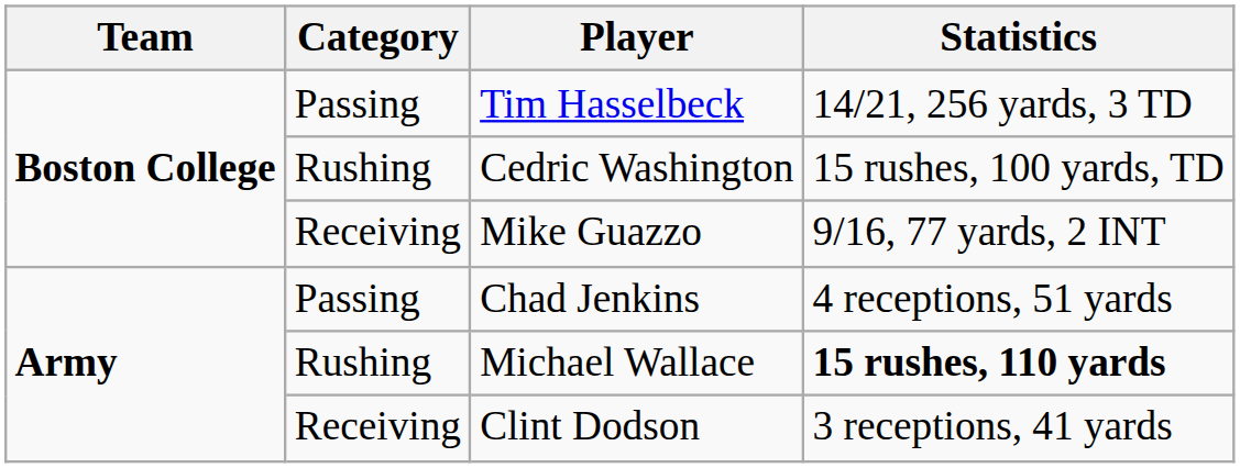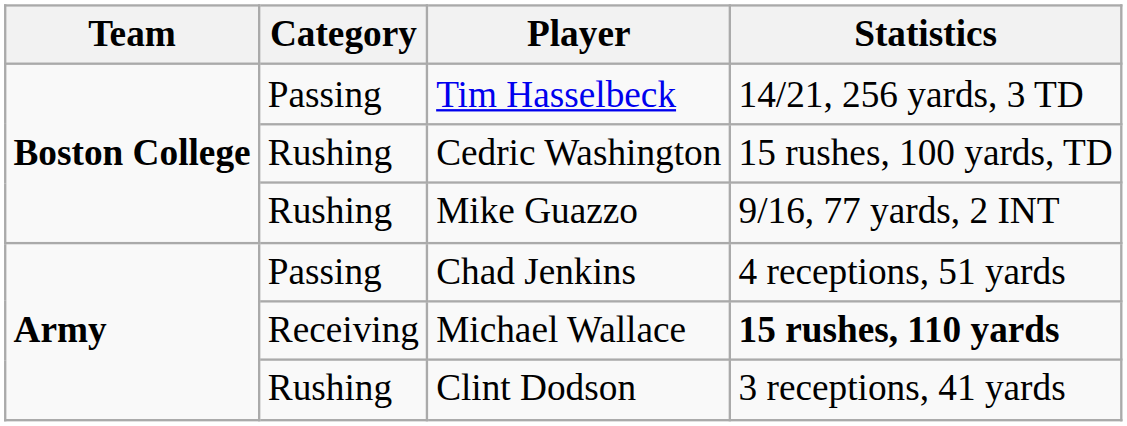 <table class="wikitable" style="float: right;">
 <tr>
 <th>Team</th>
 <th>Category</th>
 <th>Player</th>
 <th>Statistics</th>
 </tr>
 <tr>
 <td rowspan=3><strong>Boston College</strong></td>
 <td>Passing</td>
 <td><a href='#'>Tim Hasselbeck</a></td>
 <td>14/21, 256 yards, 3 TD</td>
 </tr>
 <tr>
 <td>Rushing</td>
 <td>Cedric Washington</td>
 <td>15 rushes, 100 yards, TD</td>
 </tr>
 <tr>
-<td>Receiving</td>
+<td>Rushing</td>
 <td>Mike Guazzo</td>
 <td>9/16, 77 yards, 2 INT</td>
 </tr>
 <tr>
 <td rowspan=3><strong>Army</strong></td>
 <td>Passing</td>
 <td>Chad Jenkins</td>
 <td>4 receptions, 51 yards</td>
 </tr>
 <tr>
-<td>Rushing</td>
+<td>Receiving</td>
 <td>Michael Wallace</td>
 <td><strong>15 rushes, 110 yards</strong></td>
 </tr>
 <tr>
-<td>Receiving</td>
+<td>Rushing</td>
 <td>Clint Dodson</td>
 <td>3 receptions, 41 yards</td>
 </tr>
 </table>
